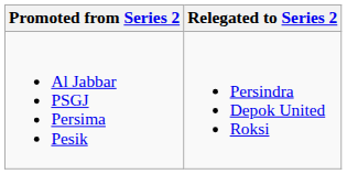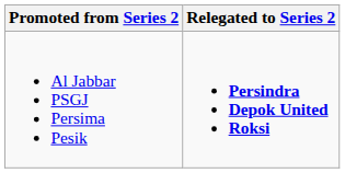 <table class="wikitable">
 <tr>
 <th> Promoted from <a href='#'>Series 2</a></th>
 <th> Relegated to <a href='#'>Series 2</a></th>
 </tr>
 <tr>
 <td><br><ul><li><a href='#'>Al Jabbar</a></li><li><a href='#'>PSGJ</a></li><li><a href='#'>Persima</a></li><li><a href='#'>Pesik</a></li></ul></td>
-<td><br><ul><li><a href='#'>Persindra</a></li><li><a href='#'>Depok United</a></li><li><a href='#'>Roksi</a></li></ul></td>
+<td><strong><br><ul><li><a href='#'>Persindra</a></li><li><a href='#'>Depok United</a></li><li><a href='#'>Roksi</a></li></ul></strong></td>
 </tr>
 </table>
